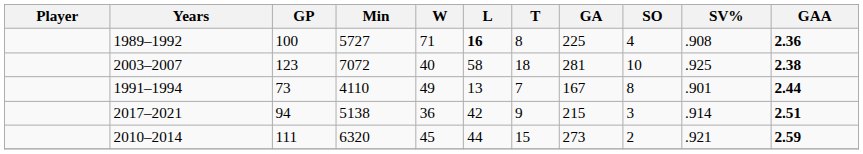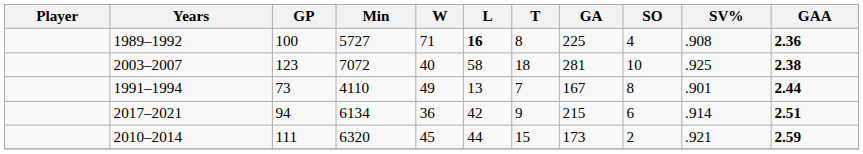 <table class="wikitable sortable" width = 900>
 <tr>
 <th>Player</th>
 <th>Years</th>
 <th>GP</th>
 <th>Min</th>
 <th>W</th>
 <th>L</th>
 <th>T</th>
 <th>GA</th>
 <th>SO</th>
 <th>SV%</th>
 <th>GAA</th>
 </tr>
 <tr>
 <td></td>
 <td>1989–1992</td>
 <td>100</td>
 <td>5727</td>
 <td>71</td>
 <td><strong>16</strong></td>
 <td>8</td>
 <td>225</td>
 <td>4</td>
 <td>.908</td>
 <td><strong>2.36</strong></td>
 </tr>
 <tr>
 <td></td>
 <td>2003–2007</td>
 <td>123</td>
 <td>7072</td>
 <td>40</td>
 <td>58</td>
 <td>18</td>
 <td>281</td>
 <td>10</td>
 <td>.925</td>
 <td><strong>2.38</strong></td>
 </tr>
 <tr>
 <td></td>
 <td>1991–1994</td>
 <td>73</td>
 <td>4110</td>
 <td>49</td>
 <td>13</td>
 <td>7</td>
 <td>167</td>
 <td>8</td>
 <td>.901</td>
 <td><strong>2.44</strong></td>
 </tr>
 <tr>
 <td></td>
 <td>2017–2021</td>
 <td>94</td>
-<td>5138</td>
+<td>6134</td>
 <td>36</td>
 <td>42</td>
 <td>9</td>
 <td>215</td>
-<td>3</td>
+<td>6</td>
 <td>.914</td>
 <td><strong>2.51</strong></td>
 </tr>
 <tr>
 <td></td>
 <td>2010–2014</td>
 <td>111</td>
 <td>6320</td>
 <td>45</td>
 <td>44</td>
 <td>15</td>
-<td>273</td>
+<td>173</td>
 <td>2</td>
 <td>.921</td>
 <td><strong>2.59</strong></td>
 </tr>
 <tr>
 </tr>
 </table>
